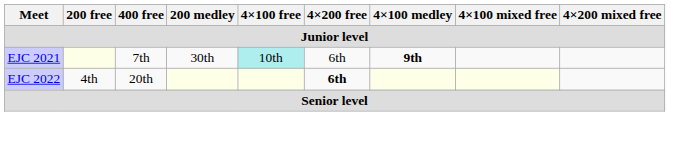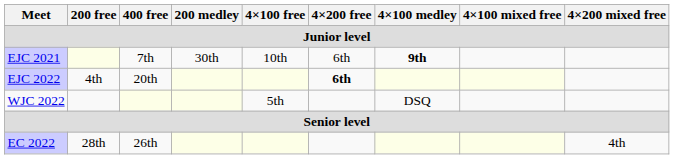 <table class="sortable wikitable">
 <tr>
 <th>Meet</th>
 <th class="unsortable">200 free</th>
 <th class="unsortable">400 free</th>
 <th class="unsortable">200 medley</th>
 <th class="unsortable">4×100 free</th>
 <th class="unsortable">4×200 free</th>
 <th class="unsortable">4×100 medley</th>
 <th class="unsortable">4×100 mixed free</th>
 <th class="unsortable">4×200 mixed free</th>
 </tr>
 <tr bgcolor="#DDDDDD">
 <td colspan="9" align="center"><strong>Junior level</strong></td>
 </tr>
 <tr>
 <td style="background:#ccccff"><a href='#'>EJC 2021</a></td>
 <td style="background:#fdffe7"></td>
 <td align="center">7th</td>
 <td align="center">30th</td>
-<td align="center" style="background: paleturquoise;">10th</td>
+<td align="center">10th</td>
 <td align="center">6th</td>
 <td align="center"><strong>9th</strong></td>
 <td align="center"></td>
 <td></td>
 </tr>
 <tr>
 <td style="background:#ccccff"><a href='#'>EJC 2022</a></td>
 <td align="center">4th</td>
 <td align="center">20th</td>
 <td style="background:#fdffe7"></td>
 <td style="background:#fdffe7"></td>
 <td align="center"><strong>6th</strong></td>
 <td style="background:#fdffe7"></td>
 <td style="background:#fdffe7"></td>
 <td></td>
 </tr>
+<tr>
+<td><a href='#'>WJC 2022</a></td>
+<td align="center"></td>
+<td style="background:#fdffe7"></td>
+<td style="background:#fdffe7"></td>
+<td align="center">5th</td>
+<td align="center"></td>
+<td align="center">DSQ</td>
+<td align="center"></td>
+<td></td>
+</tr>
 <tr bgcolor="#DDDDDD">
 <td colspan="9" align="center"><strong>Senior level</strong></td>
 </tr>
+<tr>
+<td style="background:#ccccff"><a href='#'>EC 2022</a></td>
+<td align="center">28th</td>
+<td align="center">26th</td>
+<td style="background:#fdffe7"></td>
+<td style="background:#fdffe7"></td>
+<td align="center"></td>
+<td style="background:#fdffe7"></td>
+<td style="background:#fdffe7"></td>
+<td align="center">4th</td>
+</tr>
 </table>
